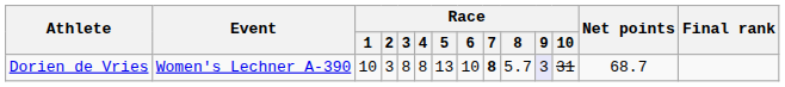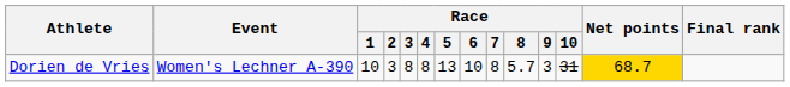 <table class="wikitable" style="font-size:90%">
 <tr>
 <th rowspan="2">Athlete</th>
 <th rowspan="2">Event</th>
 <th colspan=10>Race</th>
 <th rowspan=2>Net points</th>
 <th rowspan=2>Final rank</th>
 </tr>
 <tr style="font-size:95%">
 <th>1</th>
 <th>2</th>
 <th>3</th>
 <th>4</th>
 <th>5</th>
 <th>6</th>
 <th>7</th>
 <th>8</th>
 <th>9</th>
 <th>10</th>
 </tr>
 <tr align=center>
 <td align=left><a href='#'>Dorien de Vries</a></td>
 <td align=left><a href='#'>Women's Lechner A-390</a></td>
 <td>10</td>
 <td>3</td>
 <td>8</td>
 <td>8</td>
 <td>13</td>
 <td>10</td>
-<td><strong>8</strong></td>
+<td>8</td>
 <td>5.7</td>
-<td style="background: lavender;">3</td>
+<td>3</td>
 <td><s>31</s></td>
-<td>68.7</td>
+<td style="background: gold;">68.7</td>
 <td></td>
 </tr>
 </table>
